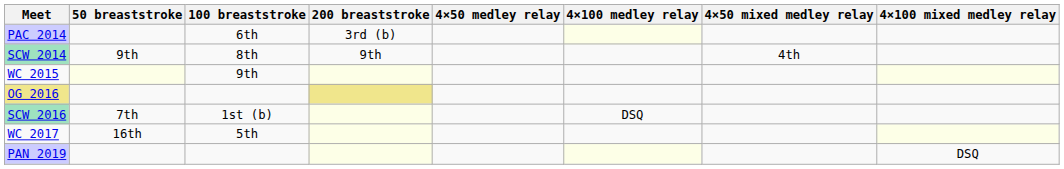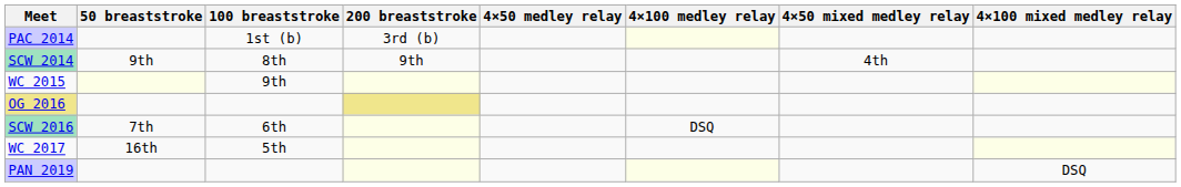 <table class="sortable wikitable">
 <tr>
 <th>Meet</th>
 <th class="unsortable">50 breaststroke</th>
 <th class="unsortable">100 breaststroke</th>
 <th class="unsortable">200 breaststroke</th>
 <th class="unsortable">4×50 medley relay</th>
 <th class="unsortable">4×100 medley relay</th>
 <th class="unsortable">4×50 mixed medley relay</th>
 <th class="unsortable">4×100 mixed medley relay</th>
 </tr>
 <tr>
 <td style="background:#ccccff"><a href='#'>PAC 2014</a></td>
 <td></td>
-<td align="center">6th</td>
+<td align="center">1st (b)</td>
 <td align="center">3rd (b)</td>
 <td></td>
 <td style="background:#fdffe7"></td>
 <td></td>
 <td></td>
 </tr>
 <tr>
 <td style="background:#9fe2bf"><a href='#'>SCW 2014</a></td>
 <td align="center">9th</td>
 <td align="center">8th</td>
 <td align="center">9th</td>
 <td align="center"></td>
 <td align="center"></td>
 <td align="center">4th</td>
 <td></td>
 </tr>
 <tr>
 <td><a href='#'>WC 2015</a></td>
 <td style="background:#fdffe7"></td>
 <td align="center">9th</td>
 <td style="background:#fdffe7"></td>
 <td></td>
 <td align="center"></td>
 <td></td>
 <td style="background:#fdffe7"></td>
 </tr>
 <tr>
 <td style="background:#f0e68c"><a href='#'>OG 2016</a></td>
 <td></td>
 <td align="center"></td>
 <td style="background:#f0e68c"></td>
 <td></td>
 <td align="center"></td>
 <td></td>
 <td></td>
 </tr>
 <tr>
 <td style="background:#9fe2bf"><a href='#'>SCW 2016</a></td>
 <td align="center">7th</td>
-<td align="center">1st (b)</td>
+<td align="center">6th</td>
 <td style="background:#fdffe7"></td>
 <td align="center"></td>
 <td align="center">DSQ</td>
 <td align="center"></td>
 <td></td>
 </tr>
 <tr>
 <td><a href='#'>WC 2017</a></td>
 <td align="center">16th</td>
 <td align="center">5th</td>
 <td style="background:#fdffe7"></td>
 <td></td>
 <td align="center"></td>
 <td></td>
 <td style="background:#fdffe7"></td>
 </tr>
 <tr>
 <td style="background:#ccccff"><a href='#'>PAN 2019</a></td>
 <td></td>
 <td align="center"></td>
 <td style="background:#fdffe7"></td>
 <td></td>
 <td style="background:#fdffe7"></td>
 <td></td>
 <td align="center">DSQ</td>
 </tr>
 </table>
